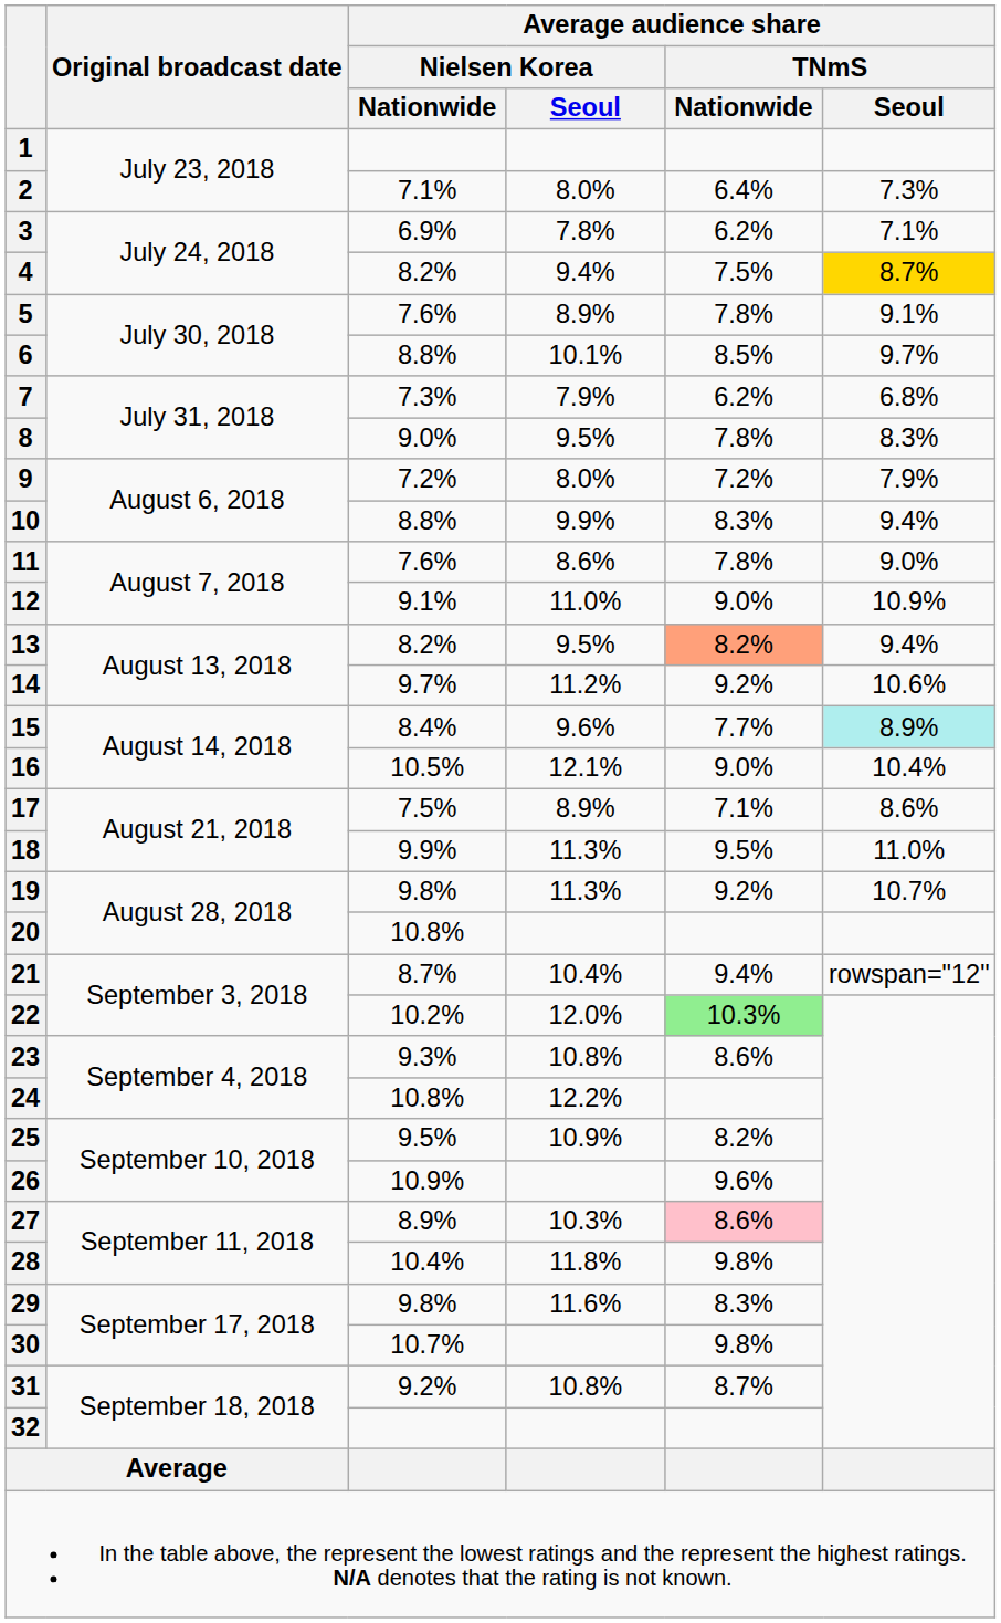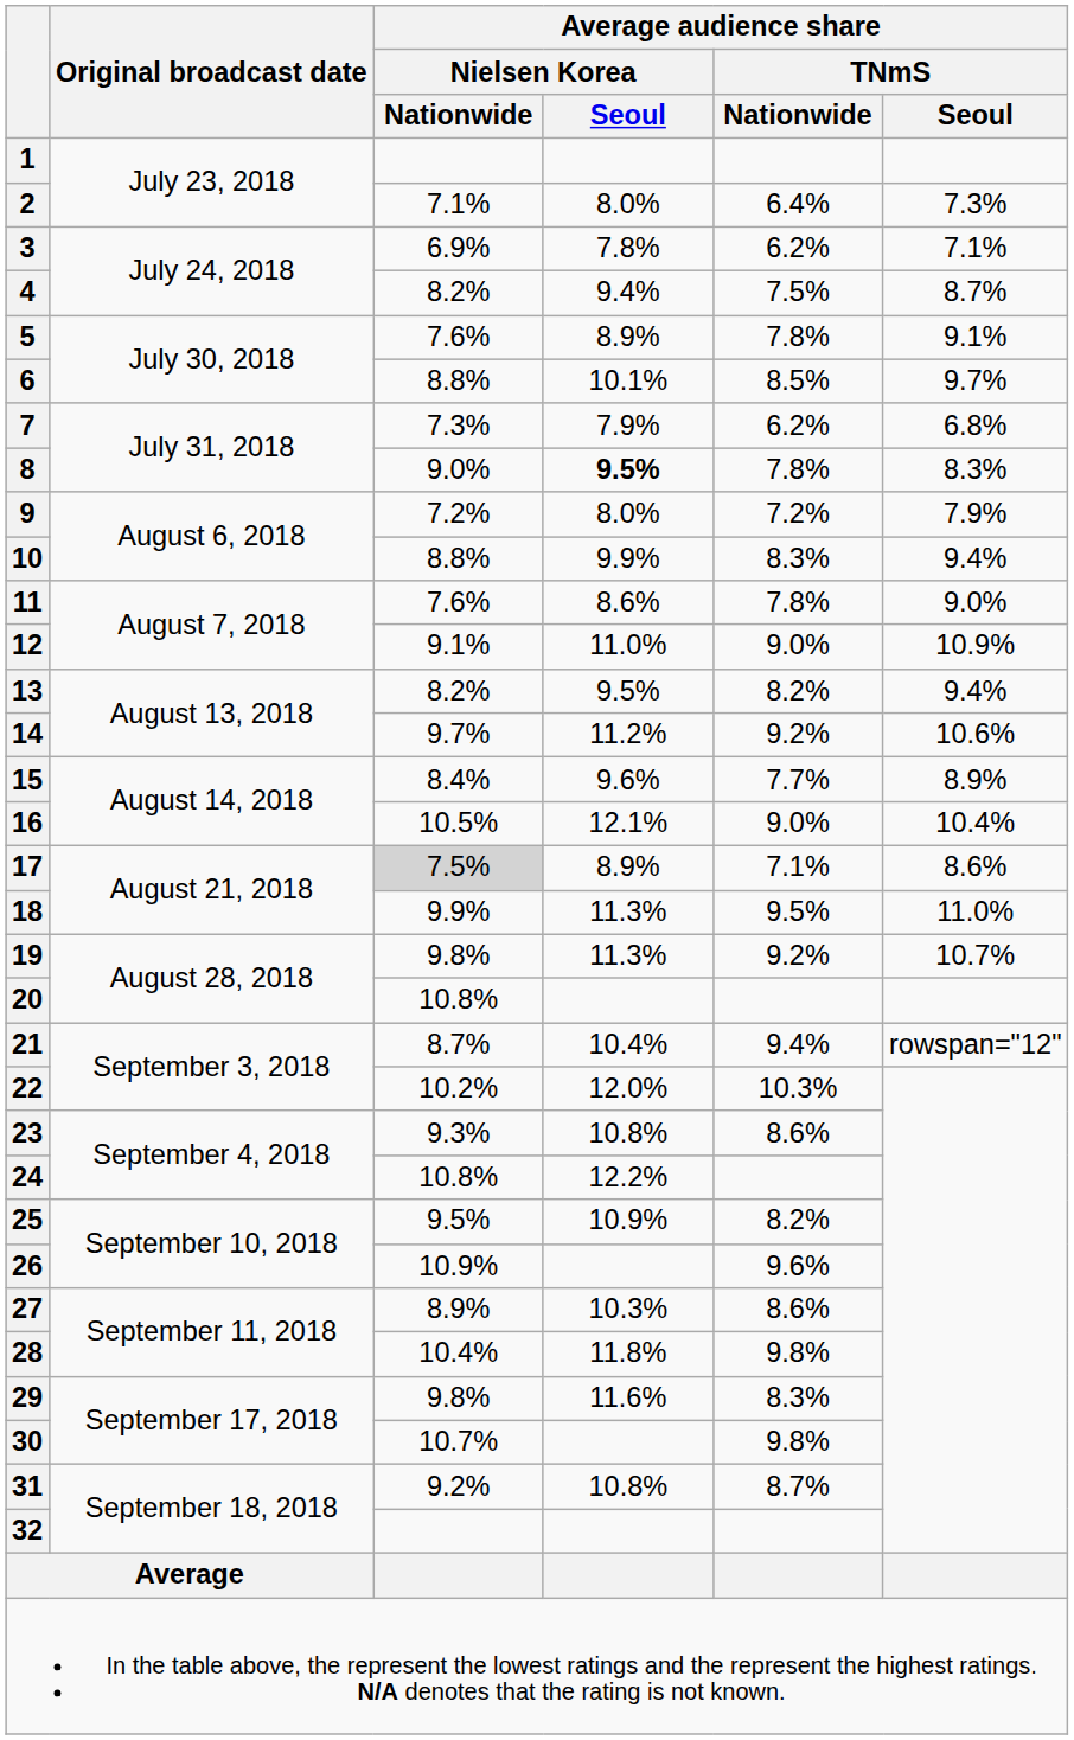 <table class="wikitable" style="margin-left:auto; margin-right:auto; text-align:center">
 <tr>
 <th rowspan="3"></th>
 <th rowspan="3">Original broadcast date</th>
 <th colspan="4">Average audience share</th>
 </tr>
 <tr>
 <th colspan="2">Nielsen Korea</th>
 <th colspan="2">TNmS</th>
 </tr>
 <tr>
 <th width="90">Nationwide</th>
 <th width="90"><a href='#'>Seoul</a></th>
 <th width="90">Nationwide</th>
 <th width="90">Seoul</th>
 </tr>
 <tr>
 <th>1</th>
 <td rowspan="2">July 23, 2018</td>
 <td><strong></strong> </td>
 <td><strong></strong> </td>
 <td><strong></strong></td>
 <td><strong></strong></td>
 </tr>
 <tr>
 <th>2</th>
 <td>7.1% </td>
 <td>8.0% </td>
 <td>6.4%</td>
 <td>7.3%</td>
 </tr>
 <tr>
 <th>3</th>
 <td rowspan="2">July 24, 2018</td>
 <td>6.9% </td>
 <td>7.8% </td>
 <td>6.2%</td>
 <td>7.1%</td>
 </tr>
 <tr>
 <th>4</th>
 <td>8.2% </td>
 <td>9.4% </td>
 <td>7.5%</td>
-<td style="background: gold;">8.7%</td>
+<td>8.7%</td>
 </tr>
 <tr>
 <th>5</th>
 <td rowspan="2">July 30, 2018</td>
 <td>7.6% </td>
 <td>8.9% </td>
 <td>7.8%</td>
 <td>9.1%</td>
 </tr>
 <tr>
 <th>6</th>
 <td>8.8% </td>
 <td>10.1% </td>
 <td>8.5%</td>
 <td>9.7%</td>
 </tr>
 <tr>
 <th>7</th>
 <td rowspan="2">July 31, 2018</td>
 <td>7.3% </td>
 <td>7.9% </td>
 <td>6.2%</td>
 <td>6.8%</td>
 </tr>
 <tr>
 <th>8</th>
 <td>9.0% </td>
-<td>9.5% </td>
+<td><strong>9.5% </strong></td>
 <td>7.8%</td>
 <td>8.3%</td>
 </tr>
 <tr>
 <th>9</th>
 <td rowspan="2">August 6, 2018</td>
 <td>7.2% </td>
 <td>8.0% </td>
 <td>7.2%</td>
 <td>7.9%</td>
 </tr>
 <tr>
 <th>10</th>
 <td>8.8% </td>
 <td>9.9% </td>
 <td>8.3%</td>
 <td>9.4%</td>
 </tr>
 <tr>
 <th>11</th>
 <td rowspan="2">August 7, 2018</td>
 <td>7.6% </td>
 <td>8.6% </td>
 <td>7.8%</td>
 <td>9.0%</td>
 </tr>
 <tr>
 <th>12</th>
 <td>9.1% </td>
 <td>11.0% </td>
 <td>9.0%</td>
 <td>10.9%</td>
 </tr>
 <tr>
 <th>13</th>
 <td rowspan="2">August 13, 2018</td>
 <td>8.2% </td>
 <td>9.5% </td>
-<td style="background: lightsalmon;">8.2%</td>
+<td>8.2%</td>
 <td>9.4%</td>
 </tr>
 <tr>
 <th>14</th>
 <td>9.7% </td>
 <td>11.2% </td>
 <td>9.2%</td>
 <td>10.6%</td>
 </tr>
 <tr>
 <th>15</th>
 <td rowspan="2">August 14, 2018</td>
 <td>8.4% </td>
 <td>9.6% </td>
 <td>7.7%</td>
-<td style="background: paleturquoise;">8.9%</td>
+<td>8.9%</td>
 </tr>
 <tr>
 <th>16</th>
 <td>10.5% </td>
 <td>12.1% </td>
 <td>9.0%</td>
 <td>10.4%</td>
 </tr>
 <tr>
 <th>17</th>
 <td rowspan="2">August 21, 2018</td>
-<td>7.5% </td>
+<td style="background: lightgrey;">7.5% </td>
 <td>8.9% </td>
 <td>7.1%</td>
 <td>8.6%</td>
 </tr>
 <tr>
 <th>18</th>
 <td>9.9% </td>
 <td>11.3% </td>
 <td>9.5%</td>
 <td>11.0%</td>
 </tr>
 <tr>
 <th>19</th>
 <td rowspan="2">August 28, 2018</td>
 <td>9.8% </td>
 <td>11.3% </td>
 <td>9.2%</td>
 <td>10.7%</td>
 </tr>
 <tr>
 <th>20</th>
 <td>10.8% </td>
 <td><strong></strong> </td>
 <td><strong></strong></td>
 <td><strong></strong></td>
 </tr>
 <tr>
 <th>21</th>
 <td rowspan="2">September 3, 2018</td>
 <td>8.7% </td>
 <td>10.4% </td>
 <td>9.4%</td>
 <td>rowspan="12" </td>
 </tr>
 <tr>
 <th>22</th>
 <td>10.2% </td>
 <td>12.0% </td>
-<td style="background: lightgreen;">10.3%</td>
+<td>10.3%</td>
 </tr>
 <tr>
 <th>23</th>
 <td rowspan="2">September 4, 2018</td>
 <td>9.3% </td>
 <td>10.8% </td>
 <td>8.6%</td>
 </tr>
 <tr>
 <th>24</th>
 <td>10.8% </td>
 <td>12.2% </td>
 <td><strong></strong></td>
 </tr>
 <tr>
 <th>25</th>
 <td rowspan="2">September 10, 2018</td>
 <td>9.5% </td>
 <td>10.9% </td>
 <td>8.2%</td>
 </tr>
 <tr>
 <th>26</th>
 <td>10.9% </td>
 <td><strong></strong> </td>
 <td>9.6%</td>
 </tr>
 <tr>
 <th>27</th>
 <td rowspan="2">September 11, 2018</td>
 <td>8.9% </td>
 <td>10.3% </td>
-<td style="background: pink;">8.6%</td>
+<td>8.6%</td>
 </tr>
 <tr>
 <th>28</th>
 <td>10.4% </td>
 <td>11.8% </td>
 <td>9.8%</td>
 </tr>
 <tr>
 <th>29</th>
 <td rowspan="2">September 17, 2018</td>
 <td>9.8% </td>
 <td>11.6% </td>
 <td>8.3%</td>
 </tr>
 <tr>
 <th>30</th>
 <td>10.7% </td>
 <td><strong></strong> </td>
 <td>9.8%</td>
 </tr>
 <tr>
 <th>31</th>
 <td rowspan="2">September 18, 2018</td>
 <td>9.2% </td>
 <td>10.8% </td>
 <td>8.7%</td>
 </tr>
 <tr>
 <th>32</th>
 <td><strong></strong> </td>
 <td><strong></strong> </td>
 <td><strong></strong></td>
 </tr>
 <tr>
 <th colspan="2">Average</th>
 <th></th>
 <th></th>
 <th></th>
 <th></th>
 </tr>
 <tr>
 <td colspan="6" style="font-size:85%"><br><ul><li>In the table above, the <strong></strong> represent the lowest ratings and the <strong></strong> represent the highest ratings.</li><li><strong>N/A</strong> denotes that the rating is not known.</li></ul></td>
 </tr>
 </table>
